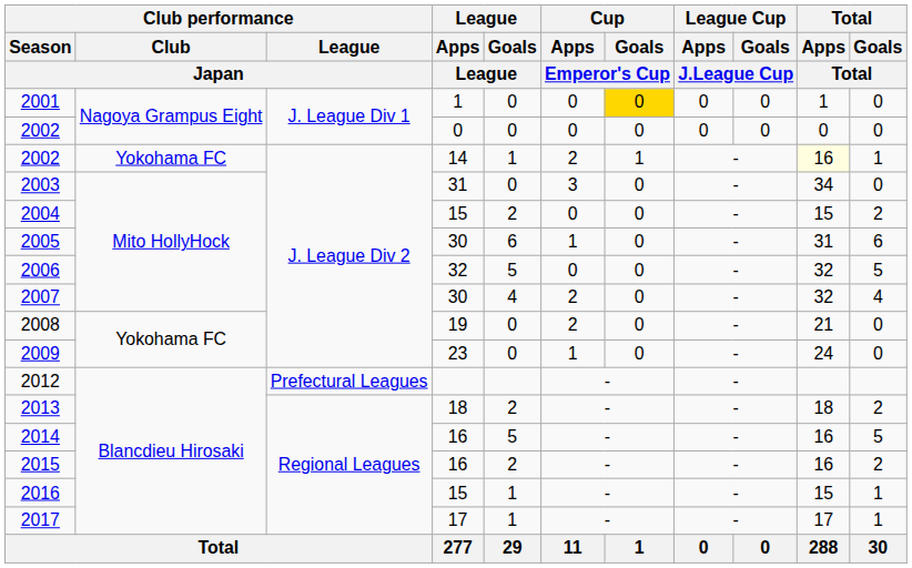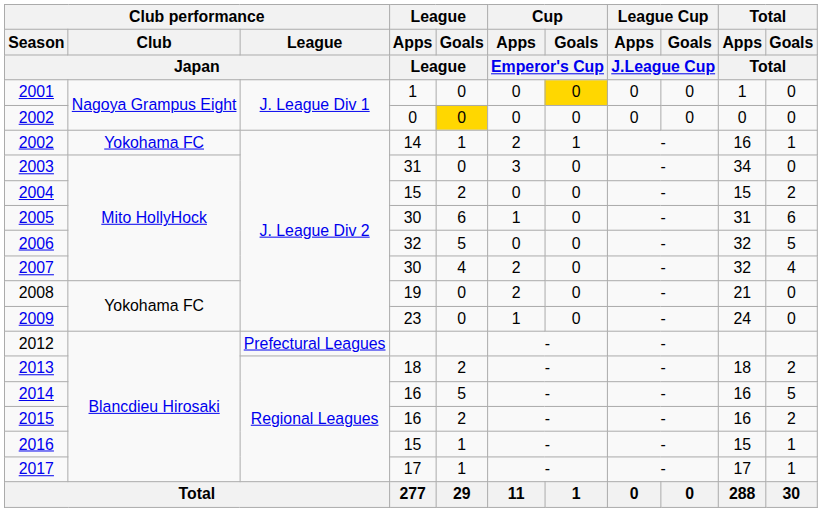 <table class="wikitable" style="text-align:center;">
 <tr>
 <th colspan=3>Club performance</th>
 <th colspan=2>League</th>
 <th colspan=2>Cup</th>
 <th colspan=2>League Cup</th>
 <th colspan=2>Total</th>
 </tr>
 <tr>
 <th>Season</th>
 <th>Club</th>
 <th>League</th>
 <th>Apps</th>
 <th>Goals</th>
 <th>Apps</th>
 <th>Goals</th>
 <th>Apps</th>
 <th>Goals</th>
 <th>Apps</th>
 <th>Goals</th>
 </tr>
 <tr>
 <th colspan=3>Japan</th>
 <th colspan=2>League</th>
 <th colspan=2><a href='#'>Emperor's Cup</a></th>
 <th colspan=2><a href='#'>J.League Cup</a></th>
 <th colspan=2>Total</th>
 </tr>
 <tr>
 <td><a href='#'>2001</a></td>
 <td rowspan="2"><a href='#'>Nagoya Grampus Eight</a></td>
 <td rowspan="2"><a href='#'>J. League Div 1</a></td>
 <td>1</td>
 <td>0</td>
 <td>0</td>
 <td style="background: gold;">0</td>
 <td>0</td>
 <td>0</td>
 <td>1</td>
 <td>0</td>
 </tr>
 <tr>
 <td><a href='#'>2002</a></td>
 <td>0</td>
-<td>0</td>
+<td style="background: gold;">0</td>
 <td>0</td>
 <td>0</td>
 <td>0</td>
 <td>0</td>
 <td>0</td>
 <td>0</td>
 </tr>
 <tr>
 <td><a href='#'>2002</a></td>
 <td><a href='#'>Yokohama FC</a></td>
 <td rowspan="8"><a href='#'>J. League Div 2</a></td>
 <td>14</td>
 <td>1</td>
 <td>2</td>
 <td>1</td>
 <td colspan="2">-</td>
-<td style="background: lightyellow;">16</td>
+<td>16</td>
 <td>1</td>
 </tr>
 <tr>
 <td><a href='#'>2003</a></td>
 <td rowspan="5"><a href='#'>Mito HollyHock</a></td>
 <td>31</td>
 <td>0</td>
 <td>3</td>
 <td>0</td>
 <td colspan="2">-</td>
 <td>34</td>
 <td>0</td>
 </tr>
 <tr>
 <td><a href='#'>2004</a></td>
 <td>15</td>
 <td>2</td>
 <td>0</td>
 <td>0</td>
 <td colspan="2">-</td>
 <td>15</td>
 <td>2</td>
 </tr>
 <tr>
 <td><a href='#'>2005</a></td>
 <td>30</td>
 <td>6</td>
 <td>1</td>
 <td>0</td>
 <td colspan="2">-</td>
 <td>31</td>
 <td>6</td>
 </tr>
 <tr>
 <td><a href='#'>2006</a></td>
 <td>32</td>
 <td>5</td>
 <td>0</td>
 <td>0</td>
 <td colspan="2">-</td>
 <td>32</td>
 <td>5</td>
 </tr>
 <tr>
 <td><a href='#'>2007</a></td>
 <td>30</td>
 <td>4</td>
 <td>2</td>
 <td>0</td>
 <td colspan="2">-</td>
 <td>32</td>
 <td>4</td>
 </tr>
 <tr>
 <td>2008</td>
 <td rowspan="2">Yokohama FC</td>
 <td>19</td>
 <td>0</td>
 <td>2</td>
 <td>0</td>
 <td colspan="2">-</td>
 <td>21</td>
 <td>0</td>
 </tr>
 <tr>
 <td><a href='#'>2009</a></td>
 <td>23</td>
 <td>0</td>
 <td>1</td>
 <td>0</td>
 <td colspan="2">-</td>
 <td>24</td>
 <td>0</td>
 </tr>
 <tr>
 <td>2012</td>
 <td rowspan="6"><a href='#'>Blancdieu Hirosaki</a></td>
 <td><a href='#'>Prefectural Leagues</a></td>
 <td></td>
 <td></td>
 <td colspan="2">-</td>
 <td colspan="2">-</td>
 <td></td>
 <td></td>
 </tr>
 <tr>
 <td><a href='#'>2013</a></td>
 <td rowspan="5"><a href='#'>Regional Leagues</a></td>
 <td>18</td>
 <td>2</td>
 <td colspan="2">-</td>
 <td colspan="2">-</td>
 <td>18</td>
 <td>2</td>
 </tr>
 <tr>
 <td><a href='#'>2014</a></td>
 <td>16</td>
 <td>5</td>
 <td colspan="2">-</td>
 <td colspan="2">-</td>
 <td>16</td>
 <td>5</td>
 </tr>
 <tr>
 <td><a href='#'>2015</a></td>
 <td>16</td>
 <td>2</td>
 <td colspan="2">-</td>
 <td colspan="2">-</td>
 <td>16</td>
 <td>2</td>
 </tr>
 <tr>
 <td><a href='#'>2016</a></td>
 <td>15</td>
 <td>1</td>
 <td colspan="2">-</td>
 <td colspan="2">-</td>
 <td>15</td>
 <td>1</td>
 </tr>
 <tr>
 <td><a href='#'>2017</a></td>
 <td>17</td>
 <td>1</td>
 <td colspan="2">-</td>
 <td colspan="2">-</td>
 <td>17</td>
 <td>1</td>
 </tr>
 <tr>
 <th colspan=3>Total</th>
 <th>277</th>
 <th>29</th>
 <th>11</th>
 <th>1</th>
 <th>0</th>
 <th>0</th>
 <th>288</th>
 <th>30</th>
 </tr>
 </table>
